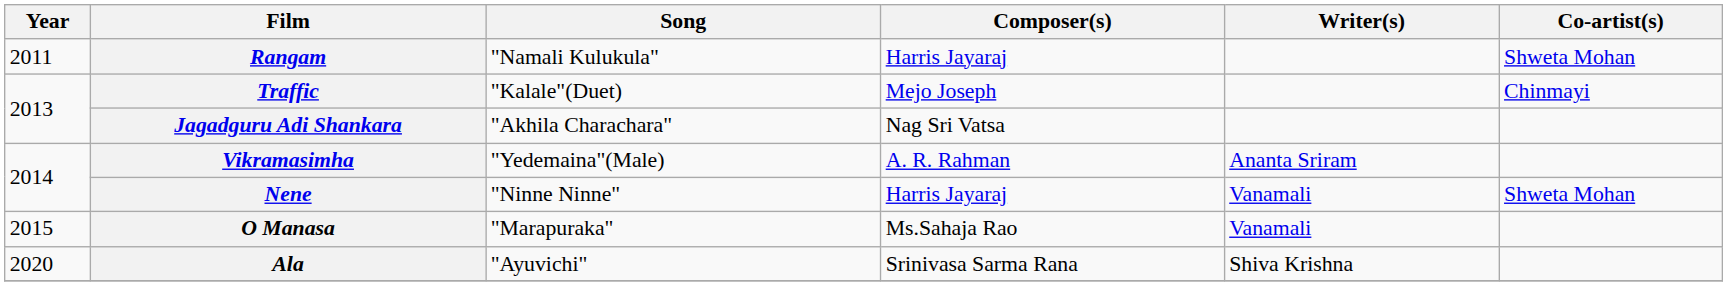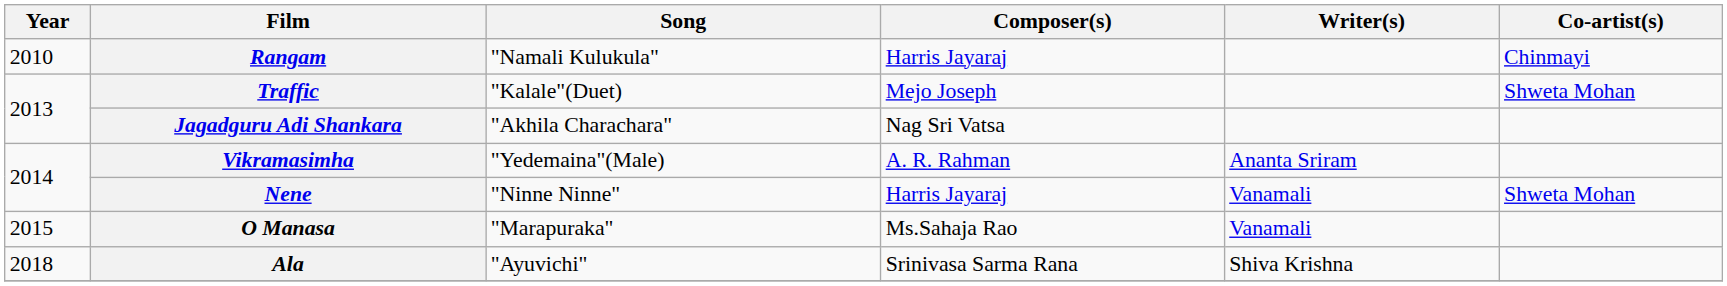 <table class="wikitable plainrowheaders" width="100%" textcolor:#000;">
 <tr style="background:#b0e0e66;">
 <th scope="col" width=5%><strong>Year</strong></th>
 <th scope="col" width=23%><strong>Film</strong></th>
 <th scope="col" width=23%><strong>Song</strong></th>
 <th scope="col" width=20%><strong>Composer(s)</strong></th>
 <th scope="col" width=16%><strong>Writer(s)</strong></th>
 <th scope="col" width=18%><strong>Co-artist(s)</strong></th>
 </tr>
 <tr>
-<td>2011</td>
+<td>2010</td>
 <th><em><a href='#'>Rangam</a></em></th>
 <td>"Namali Kulukula"</td>
 <td><a href='#'>Harris Jayaraj</a></td>
 <td></td>
-<td><a href='#'>Shweta Mohan</a></td>
+<td><a href='#'>Chinmayi</a></td>
 </tr>
 <tr>
 <td rowspan="2">2013</td>
 <th><em><a href='#'>Traffic</a></em></th>
 <td>"Kalale"(Duet)</td>
 <td><a href='#'>Mejo Joseph</a></td>
 <td></td>
-<td><a href='#'>Chinmayi</a></td>
+<td><a href='#'>Shweta Mohan</a></td>
 </tr>
 <tr>
 <th><em><a href='#'>Jagadguru Adi Shankara</a></em></th>
 <td>"Akhila Charachara"</td>
 <td>Nag Sri Vatsa</td>
 <td></td>
 <td></td>
 </tr>
 <tr>
 <td rowspan="2">2014</td>
 <th><em><a href='#'>Vikramasimha</a></em></th>
 <td>"Yedemaina"(Male)</td>
 <td><a href='#'>A. R. Rahman</a></td>
 <td><a href='#'>Ananta Sriram</a></td>
 <td></td>
 </tr>
 <tr>
 <th><em><a href='#'>Nene</a></em></th>
 <td>"Ninne Ninne"</td>
 <td><a href='#'>Harris Jayaraj</a></td>
 <td><a href='#'>Vanamali</a></td>
 <td><a href='#'>Shweta Mohan</a></td>
 </tr>
 <tr>
 <td>2015</td>
 <th><em>O Manasa</em></th>
 <td>"Marapuraka"</td>
 <td>Ms.Sahaja Rao</td>
 <td><a href='#'>Vanamali</a></td>
 <td></td>
 </tr>
 <tr>
-<td>2020</td>
+<td>2018</td>
 <th><em>Ala</em></th>
 <td>"Ayuvichi"</td>
 <td>Srinivasa Sarma Rana</td>
 <td>Shiva Krishna</td>
 <td></td>
 </tr>
 <tr>
 </tr>
 </table>
